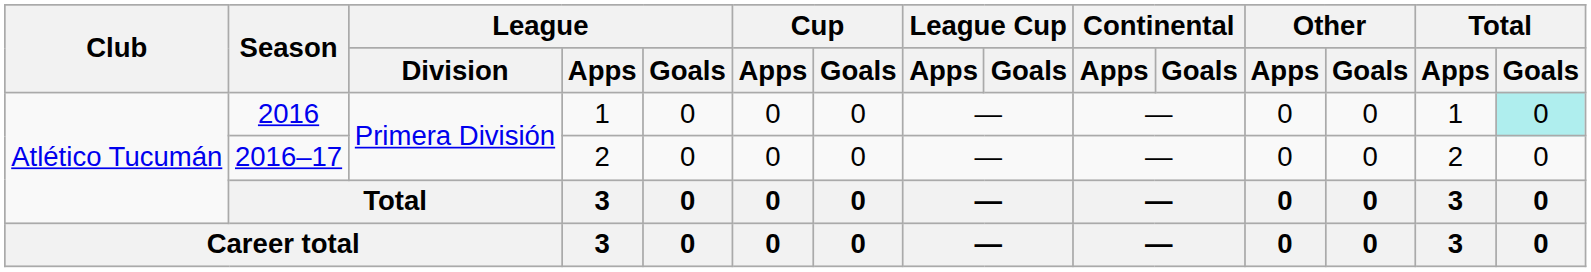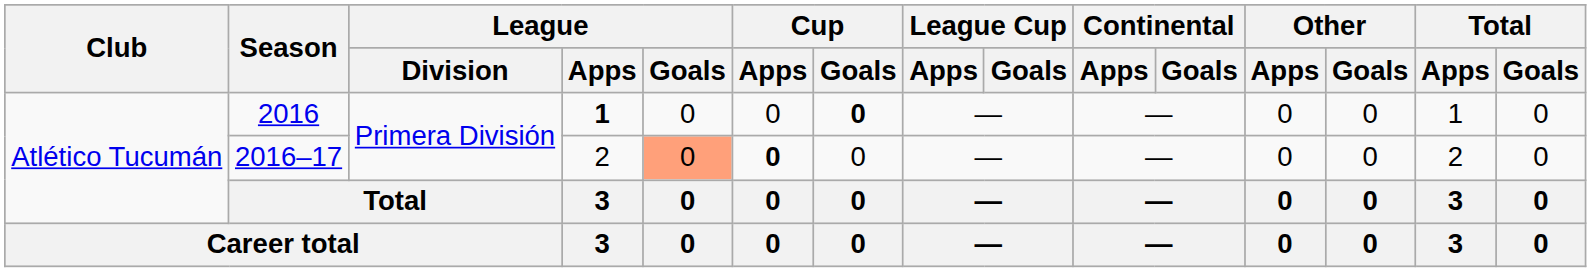 <table class="wikitable" style="text-align:center">
 <tr>
 <th rowspan="2">Club</th>
 <th rowspan="2">Season</th>
 <th colspan="3">League</th>
 <th colspan="2">Cup</th>
 <th colspan="2">League Cup</th>
 <th colspan="2">Continental</th>
 <th colspan="2">Other</th>
 <th colspan="2">Total</th>
 </tr>
 <tr>
 <th>Division</th>
 <th>Apps</th>
 <th>Goals</th>
 <th>Apps</th>
 <th>Goals</th>
 <th>Apps</th>
 <th>Goals</th>
 <th>Apps</th>
 <th>Goals</th>
 <th>Apps</th>
 <th>Goals</th>
 <th>Apps</th>
 <th>Goals</th>
 </tr>
 <tr>
 <td rowspan="3"><a href='#'>Atlético Tucumán</a></td>
 <td><a href='#'>2016</a></td>
 <td rowspan="2"><a href='#'>Primera División</a></td>
-<td>1</td>
+<td><strong>1</strong></td>
 <td>0</td>
 <td>0</td>
-<td>0</td>
+<td><strong>0</strong></td>
 <td colspan="2">—</td>
 <td colspan="2">—</td>
 <td>0</td>
 <td>0</td>
 <td>1</td>
-<td style="background: paleturquoise;">0</td>
+<td>0</td>
 </tr>
 <tr>
 <td><a href='#'>2016–17</a></td>
 <td>2</td>
-<td>0</td>
-<td>0</td>
+<td style="background: lightsalmon;">0</td>
+<td><strong>0</strong></td>
 <td>0</td>
 <td colspan="2">—</td>
 <td colspan="2">—</td>
 <td>0</td>
 <td>0</td>
 <td>2</td>
 <td>0</td>
 </tr>
 <tr>
 <th colspan="2">Total</th>
 <th>3</th>
 <th>0</th>
 <th>0</th>
 <th>0</th>
 <th colspan="2">—</th>
 <th colspan="2">—</th>
 <th>0</th>
 <th>0</th>
 <th>3</th>
 <th>0</th>
 </tr>
 <tr>
 <th colspan="3">Career total</th>
 <th>3</th>
 <th>0</th>
 <th>0</th>
 <th>0</th>
 <th colspan="2">—</th>
 <th colspan="2">—</th>
 <th>0</th>
 <th>0</th>
 <th>3</th>
 <th>0</th>
 </tr>
 </table>
